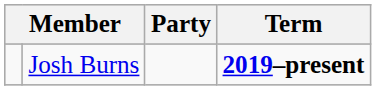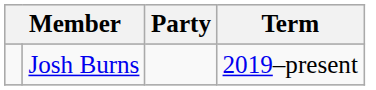 <table class=wikitable style="text-align:center">
 <tr>
 <th colspan=2>Member</th>
 <th>Party</th>
 <th>Term</th>
 </tr>
 <tr>
 <td> </td>
 <td><a href='#'>Josh Burns</a></td>
 <td></td>
-<td><strong><a href='#'>2019</a>–present</strong></td>
+<td><a href='#'>2019</a>–present</td>
 </tr>
 </table>
